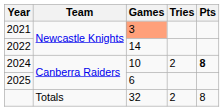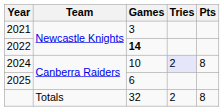 <table class="wikitable">
 <tr>
 <th>Year</th>
 <th>Team</th>
 <th>Games</th>
 <th>Tries</th>
 <th>Pts</th>
 </tr>
 <tr>
 <td>2021</td>
 <td rowspan="2"> <a href='#'>Newcastle Knights</a></td>
-<td style="background: lightsalmon;">3</td>
+<td>3</td>
 <td></td>
 <td></td>
 </tr>
 <tr>
 <td>2022</td>
-<td>14</td>
+<td><strong>14</strong></td>
 <td></td>
 <td></td>
 </tr>
 <tr>
 <td>2024</td>
 <td rowspan="2"> <a href='#'>Canberra Raiders</a></td>
 <td>10</td>
-<td>2</td>
-<td><strong>8</strong></td>
+<td style="background: lavender;">2</td>
+<td>8</td>
 </tr>
 <tr>
 <td>2025</td>
 <td>6</td>
 <td></td>
 <td></td>
 </tr>
 <tr>
 <td></td>
 <td>Totals</td>
 <td>32</td>
 <td>2</td>
 <td>8</td>
 </tr>
 </table>
